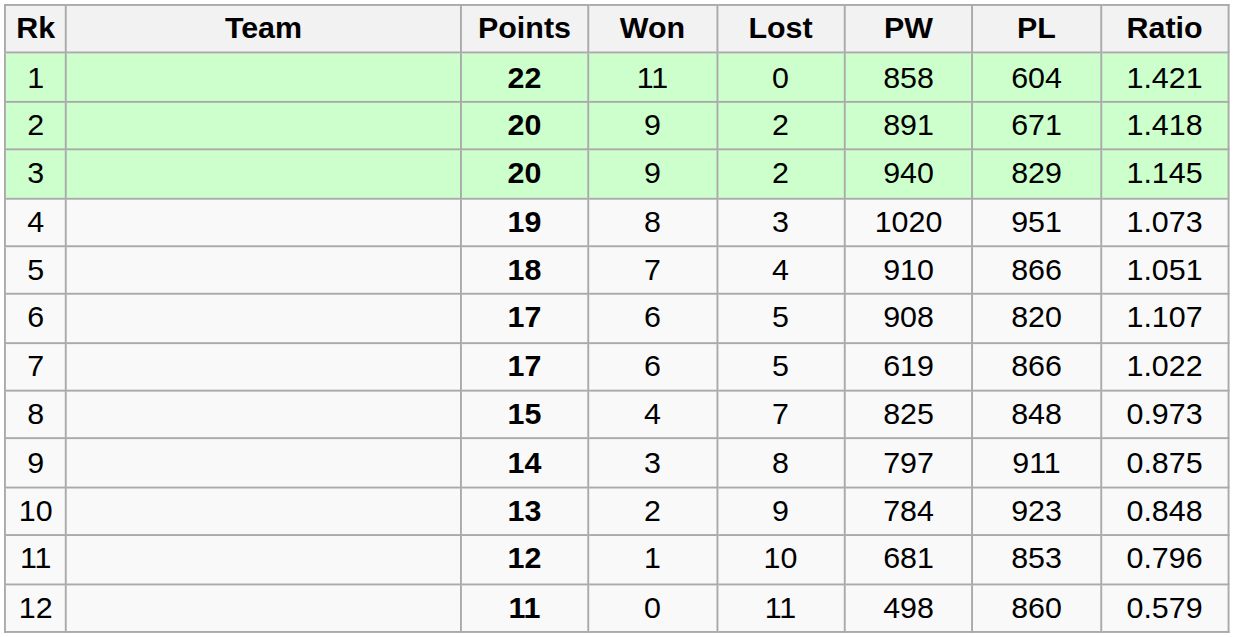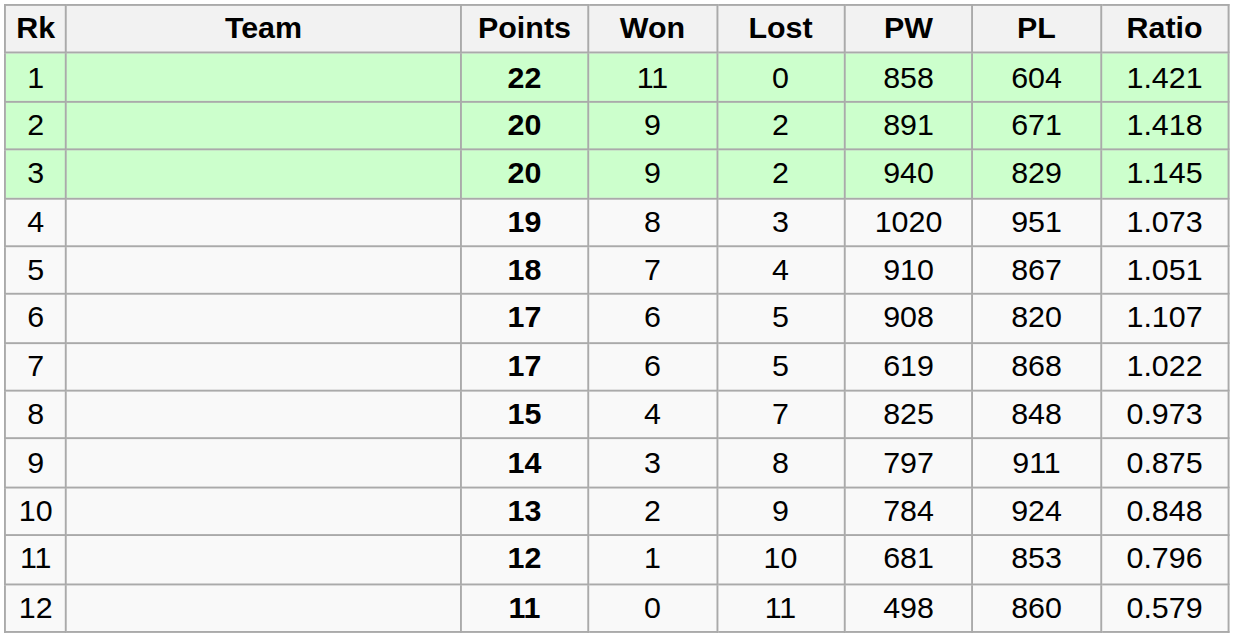 <table class=wikitable style="text-align:center">
 <tr bgcolor="#DCDCDC">
 <th width="25">Rk</th>
 <th width="200">Team</th>
 <th width="60">Points</th>
 <th width="60">Won</th>
 <th width="60">Lost</th>
 <th width="60">PW</th>
 <th width="60">PL</th>
 <th width="60">Ratio</th>
 </tr>
 <tr bgcolor=#CCFFCC>
 <td>1</td>
 <td align=left></td>
 <td><strong>22</strong></td>
 <td>11</td>
 <td>0</td>
 <td>858</td>
 <td>604</td>
 <td>1.421</td>
 </tr>
 <tr bgcolor=#CCFFCC>
 <td>2</td>
 <td align=left></td>
 <td><strong>20</strong></td>
 <td>9</td>
 <td>2</td>
 <td>891</td>
 <td>671</td>
 <td>1.418</td>
 </tr>
 <tr bgcolor=#CCFFCC>
 <td>3</td>
 <td align=left></td>
 <td><strong>20</strong></td>
 <td>9</td>
 <td>2</td>
 <td>940</td>
 <td>829</td>
 <td>1.145</td>
 </tr>
 <tr>
 <td>4</td>
 <td align=left></td>
 <td><strong>19</strong></td>
 <td>8</td>
 <td>3</td>
 <td>1020</td>
 <td>951</td>
 <td>1.073</td>
 </tr>
 <tr>
 <td>5</td>
 <td align=left></td>
 <td><strong>18</strong></td>
 <td>7</td>
 <td>4</td>
 <td>910</td>
-<td>866</td>
+<td>867</td>
 <td>1.051</td>
 </tr>
 <tr>
 <td>6</td>
 <td align=left></td>
 <td><strong>17</strong></td>
 <td>6</td>
 <td>5</td>
 <td>908</td>
 <td>820</td>
 <td>1.107</td>
 </tr>
 <tr>
 <td>7</td>
 <td align=left></td>
 <td><strong>17</strong></td>
 <td>6</td>
 <td>5</td>
 <td>619</td>
-<td>866</td>
+<td>868</td>
 <td>1.022</td>
 </tr>
 <tr>
 <td>8</td>
 <td align=left></td>
 <td><strong>15</strong></td>
 <td>4</td>
 <td>7</td>
 <td>825</td>
 <td>848</td>
 <td>0.973</td>
 </tr>
 <tr>
 <td>9</td>
 <td align=left></td>
 <td><strong>14</strong></td>
 <td>3</td>
 <td>8</td>
 <td>797</td>
 <td>911</td>
 <td>0.875</td>
 </tr>
 <tr>
 <td>10</td>
 <td align=left></td>
 <td><strong>13</strong></td>
 <td>2</td>
 <td>9</td>
 <td>784</td>
-<td>923</td>
+<td>924</td>
 <td>0.848</td>
 </tr>
 <tr>
 <td>11</td>
 <td align=left></td>
 <td><strong>12</strong></td>
 <td>1</td>
 <td>10</td>
 <td>681</td>
 <td>853</td>
 <td>0.796</td>
 </tr>
 <tr>
 <td>12</td>
 <td align=left></td>
 <td><strong>11</strong></td>
 <td>0</td>
 <td>11</td>
 <td>498</td>
 <td>860</td>
 <td>0.579</td>
 </tr>
 </table>
